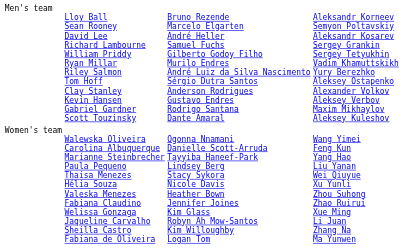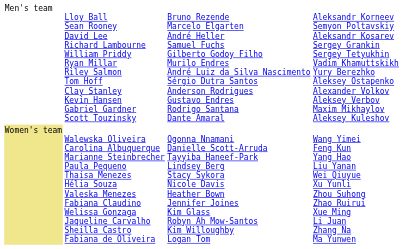 <table>
 <tr valign="top">
 <td>Men's team<br></td>
 <td><br><a href='#'>Lloy Ball</a><br><a href='#'>Sean Rooney</a><br><a href='#'>David Lee</a><br><a href='#'>Richard Lambourne</a><br><a href='#'>William Priddy</a><br><a href='#'>Ryan Millar</a><br><a href='#'>Riley Salmon</a><br><a href='#'>Tom Hoff</a><br><a href='#'>Clay Stanley</a><br><a href='#'>Kevin Hansen</a><br><a href='#'>Gabriel Gardner</a><br><a href='#'>Scott Touzinsky</a></td>
 <td><br><a href='#'>Bruno Rezende</a><br><a href='#'>Marcelo Elgarten</a><br><a href='#'>André Heller</a><br><a href='#'>Samuel Fuchs</a><br><a href='#'>Gilberto Godoy Filho</a><br><a href='#'>Murilo Endres</a><br><a href='#'>André Luiz da Silva Nascimento</a><br><a href='#'>Sérgio Dutra Santos</a><br><a href='#'>Anderson Rodrigues</a><br><a href='#'>Gustavo Endres</a><br><a href='#'>Rodrigo Santana</a><br><a href='#'>Dante Amaral</a></td>
 <td><br><a href='#'>Aleksandr Korneev</a><br><a href='#'>Semyon Poltavskiy</a><br><a href='#'>Aleksandr Kosarev</a><br><a href='#'>Sergey Grankin</a><br><a href='#'>Sergey Tetyukhin</a><br><a href='#'>Vadim Khamuttskikh</a><br><a href='#'>Yury Berezhko</a><br><a href='#'>Aleksey Ostapenko</a><br><a href='#'>Alexander Volkov</a><br><a href='#'>Aleksey Verbov</a><br><a href='#'>Maxim Mikhaylov</a><br><a href='#'>Aleksey Kuleshov</a></td>
 </tr>
 <tr valign="top">
-<td>Women's team<br></td>
+<td style="background: khaki;">Women's team<br></td>
 <td><br><a href='#'>Walewska Oliveira</a><br><a href='#'>Carolina Albuquerque</a><br><a href='#'>Marianne Steinbrecher</a><br><a href='#'>Paula Pequeno</a><br><a href='#'>Thaisa Menezes</a><br><a href='#'>Hélia Souza</a><br><a href='#'>Valeska Menezes</a><br><a href='#'>Fabiana Claudino</a><br><a href='#'>Welissa Gonzaga</a><br><a href='#'>Jaqueline Carvalho</a><br><a href='#'>Sheilla Castro</a><br><a href='#'>Fabiana de Oliveira</a></td>
 <td><br><a href='#'>Ogonna Nnamani</a><br><a href='#'>Danielle Scott-Arruda</a><br><a href='#'>Tayyiba Haneef-Park</a><br><a href='#'>Lindsey Berg</a><br><a href='#'>Stacy Sykora</a><br><a href='#'>Nicole Davis</a><br><a href='#'>Heather Bown</a><br><a href='#'>Jennifer Joines</a><br><a href='#'>Kim Glass</a><br><a href='#'>Robyn Ah Mow-Santos</a><br><a href='#'>Kim Willoughby</a><br><a href='#'>Logan Tom</a></td>
 <td><br><a href='#'>Wang Yimei</a><br><a href='#'>Feng Kun</a><br><a href='#'>Yang Hao</a><br><a href='#'>Liu Yanan</a><br><a href='#'>Wei Qiuyue</a><br><a href='#'>Xu Yunli</a><br><a href='#'>Zhou Suhong</a><br><a href='#'>Zhao Ruirui</a><br><a href='#'>Xue Ming</a><br><a href='#'>Li Juan</a><br><a href='#'>Zhang Na</a><br><a href='#'>Ma Yunwen</a></td>
 </tr>
 </table>
